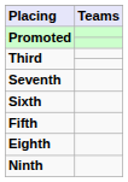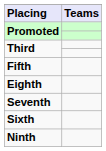 <table class=wikitable>
 <tr>
 </tr>
 <tr style="background: #E6E6FA;">
 <td><strong>Placing</strong></td>
 <td><strong>Teams</strong></td>
 </tr>
 <tr style="background: #ccffcc;">
 <td rowspan="2"><strong>Promoted</strong></td>
 <td><strong></strong></td>
 </tr>
 <tr style="background: #ccffcc;">
 <td><strong></strong></td>
 </tr>
 <tr>
 <td rowspan="2"><strong>Third</strong></td>
 <td></td>
 </tr>
 <tr>
 <td></td>
 </tr>
 <tr>
+<td><strong>Fifth</strong></td>
+<td></td>
+</tr>
+<tr>
+<td><strong>Eighth</strong></td>
+<td></td>
+</tr>
+<tr>
 <td><strong>Seventh</strong></td>
 <td></td>
 </tr>
 <tr>
 <td><strong>Sixth</strong></td>
 <td></td>
 </tr>
 <tr>
-<td><strong>Fifth</strong></td>
-<td></td>
-</tr>
-<tr>
-<td><strong>Eighth</strong></td>
-<td></td>
-</tr>
-<tr>
 <td><strong>Ninth</strong></td>
 <td></td>
 </tr>
 </table>
